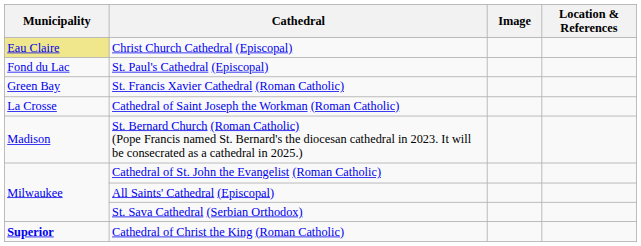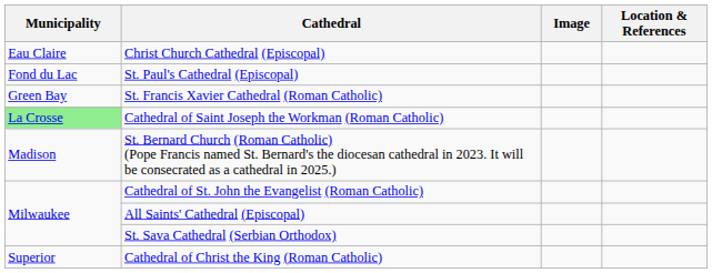 <table width=65% class="wikitable">
 <tr>
 <th width = 10%>Municipality</th>
 <th width = 40%>Cathedral</th>
 <th width = 5%>Image</th>
 <th width = 10%>Location & References</th>
 </tr>
 <tr>
-<td style="background: khaki;"><a href='#'>Eau Claire</a></td>
+<td><a href='#'>Eau Claire</a></td>
 <td><a href='#'>Christ Church Cathedral</a> <a href='#'>(Episcopal)</a></td>
 <td></td>
 <td><small></small><br></td>
 </tr>
 <tr>
 <td><a href='#'>Fond du Lac</a></td>
 <td><a href='#'>St. Paul's Cathedral</a> <a href='#'>(Episcopal)</a></td>
 <td></td>
 <td><small></small><br></td>
 </tr>
 <tr>
 <td><a href='#'>Green Bay</a></td>
 <td><a href='#'>St. Francis Xavier Cathedral</a> <a href='#'>(Roman Catholic)</a></td>
 <td></td>
 <td><small></small><br></td>
 </tr>
 <tr>
-<td><a href='#'>La Crosse</a></td>
+<td style="background: lightgreen;"><a href='#'>La Crosse</a></td>
 <td><a href='#'>Cathedral of Saint Joseph the Workman</a> <a href='#'>(Roman Catholic)</a></td>
 <td></td>
 <td><small></small><br></td>
 </tr>
 <tr>
 <td><a href='#'>Madison</a></td>
 <td><a href='#'>St. Bernard Church</a> <a href='#'>(Roman Catholic)</a><br>(Pope Francis named St. Bernard's the diocesan cathedral in 2023. It will be consecrated as a cathedral in 2025.)</td>
 <td></td>
 <td><small></small><br></td>
 </tr>
 <tr>
 <td rowspan=3><a href='#'>Milwaukee</a></td>
 <td><a href='#'>Cathedral of St. John the Evangelist</a> <a href='#'>(Roman Catholic)</a></td>
 <td></td>
 <td><small></small><br></td>
 </tr>
 <tr>
 <td><a href='#'>All Saints' Cathedral</a> <a href='#'>(Episcopal)</a></td>
 <td></td>
 <td><small></small><br></td>
 </tr>
 <tr>
 <td><a href='#'>St. Sava Cathedral</a> <a href='#'>(Serbian Orthodox)</a></td>
 <td></td>
 <td><small></small><br></td>
 </tr>
 <tr>
-<td><strong><a href='#'>Superior</a></strong></td>
+<td><a href='#'>Superior</a></td>
 <td><a href='#'>Cathedral of Christ the King</a> <a href='#'>(Roman Catholic)</a></td>
 <td></td>
 <td><small></small><br></td>
 </tr>
 </table>
